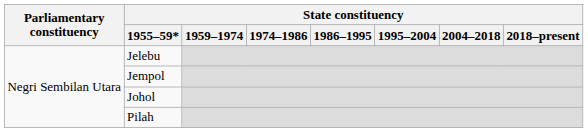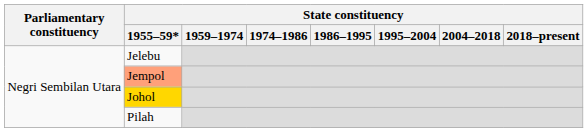 <table class="wikitable">
 <tr>
 <th rowspan="2">Parliamentary<br>constituency</th>
 <th colspan="7">State constituency</th>
 </tr>
 <tr>
 <th>1955–59*</th>
 <th>1959–1974</th>
 <th>1974–1986</th>
 <th>1986–1995</th>
 <th>1995–2004</th>
 <th>2004–2018</th>
 <th>2018–present</th>
 </tr>
 <tr>
 <td rowspan="4">Negri Sembilan Utara</td>
 <td>Jelebu</td>
 <td colspan="6" bgcolor="dcdcdc"></td>
 </tr>
 <tr>
-<td>Jempol</td>
+<td style="background: lightsalmon;">Jempol</td>
 <td colspan="6" bgcolor="dcdcdc"></td>
 </tr>
 <tr>
-<td>Johol</td>
+<td style="background: gold;">Johol</td>
 <td colspan="6" bgcolor="dcdcdc"></td>
 </tr>
 <tr>
 <td>Pilah</td>
 <td colspan="6" bgcolor="dcdcdc"></td>
 </tr>
 </table>
